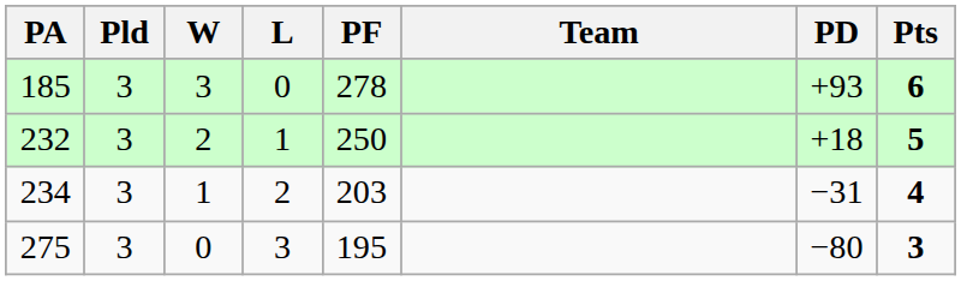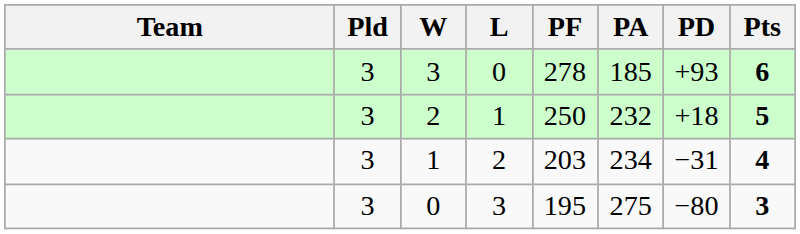 <table class=wikitable style="text-align:center">
 <tr>
-<th width=30>PA</th>
+<th width=180>Team</th>
 <th width=30>Pld</th>
 <th width=30>W</th>
 <th width=30>L</th>
 <th width=30>PF</th>
-<th width=180>Team</th>
+<th width=30>PA</th>
 <th width=30>PD</th>
 <th width=30>Pts</th>
 </tr>
 <tr align=center bgcolor="#ccffcc">
-<td>185</td>
+<td align=left></td>
 <td>3</td>
 <td>3</td>
 <td>0</td>
 <td>278</td>
-<td align=left></td>
+<td>185</td>
 <td>+93</td>
 <td><strong>6</strong></td>
 </tr>
 <tr align=center bgcolor="#ccffcc">
-<td>232</td>
+<td align=left></td>
 <td>3</td>
 <td>2</td>
 <td>1</td>
 <td>250</td>
-<td align=left></td>
+<td>232</td>
 <td>+18</td>
 <td><strong>5</strong></td>
 </tr>
 <tr align=center>
-<td>234</td>
+<td align=left></td>
 <td>3</td>
 <td>1</td>
 <td>2</td>
 <td>203</td>
-<td align=left></td>
+<td>234</td>
 <td>−31</td>
 <td><strong>4</strong></td>
 </tr>
 <tr align=center>
-<td>275</td>
+<td align=left></td>
 <td>3</td>
 <td>0</td>
 <td>3</td>
 <td>195</td>
-<td align=left></td>
+<td>275</td>
 <td>−80</td>
 <td><strong>3</strong></td>
 </tr>
 </table>
